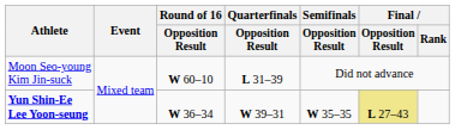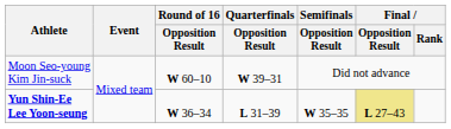 <table class="wikitable" style="font-size:90%">
 <tr>
 <th rowspan="2">Athlete</th>
 <th rowspan="2">Event</th>
 <th>Round of 16</th>
 <th>Quarterfinals</th>
 <th>Semifinals</th>
 <th colspan=2>Final / </th>
 </tr>
 <tr style="font-size:95%">
 <th>Opposition<br>Result</th>
 <th>Opposition<br>Result</th>
 <th>Opposition<br>Result</th>
 <th>Opposition<br>Result</th>
 <th>Rank</th>
 </tr>
 <tr align=center>
 <td align=left><a href='#'>Moon Seo-young</a><br><a href='#'>Kim Jin-suck</a></td>
 <td align=left rowspan=2><a href='#'>Mixed team</a></td>
 <td><br><strong>W</strong> 60–10</td>
-<td><br><strong>L</strong> 31–39</td>
+<td><br><strong>W</strong> 39–31</td>
 <td colspan=3>Did not advance</td>
 </tr>
 <tr align=center>
 <td align=left><strong><a href='#'>Yun Shin-Ee</a><br><a href='#'>Lee Yoon-seung</a></strong></td>
 <td><br><strong>W</strong> 36–34</td>
-<td><br><strong>W</strong> 39–31</td>
+<td><br><strong>L</strong> 31–39</td>
 <td><br><strong>W</strong> 35–35</td>
 <td style="background: khaki;"><br><strong>L</strong> 27–43</td>
 <td></td>
 </tr>
 </table>
